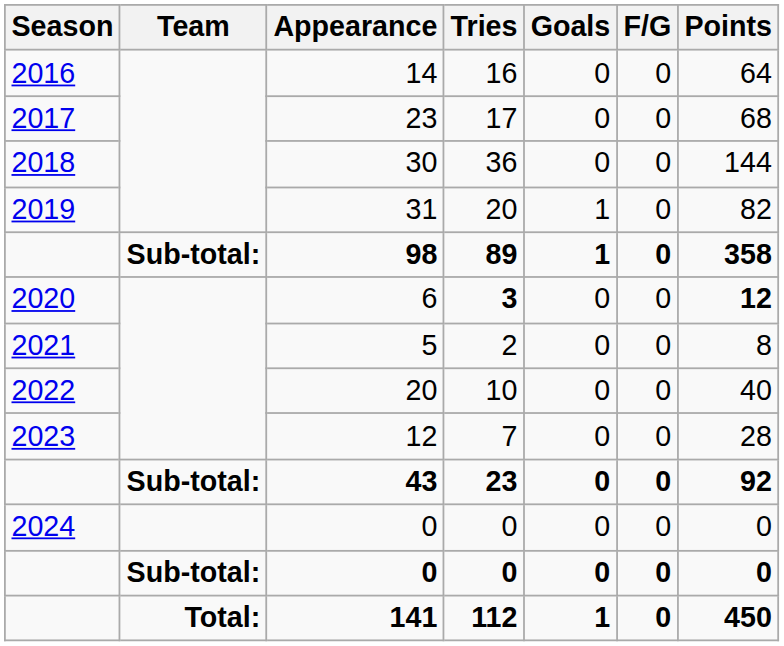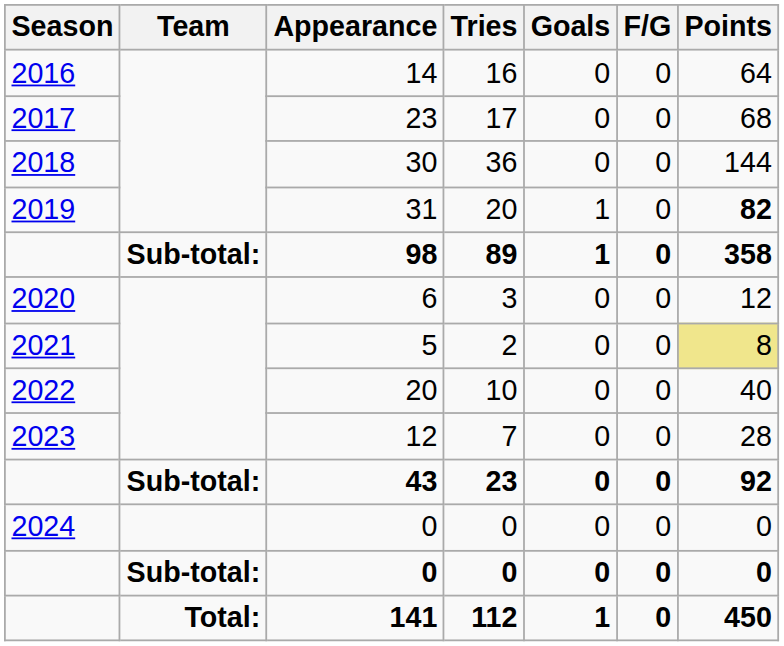 <table class="wikitable">
 <tr>
 <th>Season</th>
 <th>Team</th>
 <th>Appearance</th>
 <th>Tries</th>
 <th>Goals</th>
 <th>F/G</th>
 <th>Points</th>
 </tr>
 <tr>
 <td><a href='#'>2016</a></td>
 <td align=left rowspan="4"></td>
 <td align=right>14</td>
 <td align=right>16</td>
 <td align=right>0</td>
 <td align=right>0</td>
 <td align=right>64</td>
 </tr>
 <tr>
 <td><a href='#'>2017</a></td>
 <td align=right>23</td>
 <td align=right>17</td>
 <td align=right>0</td>
 <td align=right>0</td>
 <td align=right>68</td>
 </tr>
 <tr>
 <td><a href='#'>2018</a></td>
 <td align=right>30</td>
 <td align=right>36</td>
 <td align=right>0</td>
 <td align=right>0</td>
 <td align=right>144</td>
 </tr>
 <tr>
 <td><a href='#'>2019</a></td>
 <td align=right>31</td>
 <td align=right>20</td>
 <td align=right>1</td>
 <td align=right>0</td>
-<td align=right>82</td>
+<td align=right><strong>82</strong></td>
 </tr>
 <tr>
 <td></td>
 <td align=right><strong>Sub-total:</strong></td>
 <td align=right><strong>98</strong></td>
 <td align=right><strong>89</strong></td>
 <td align=right><strong>1</strong></td>
 <td align=right><strong>0</strong></td>
 <td align=right><strong>358</strong></td>
 </tr>
 <tr>
 <td><a href='#'>2020</a></td>
 <td align=left rowspan="4"></td>
 <td align=right>6</td>
-<td align=right><strong>3</strong></td>
+<td align=right>3</td>
 <td align=right>0</td>
 <td align=right>0</td>
-<td align=right><strong>12</strong></td>
+<td align=right>12</td>
 </tr>
 <tr>
 <td><a href='#'>2021</a></td>
 <td align=right>5</td>
 <td align=right>2</td>
 <td align=right>0</td>
 <td align=right>0</td>
-<td align=right>8</td>
+<td align=right style="background: khaki;">8</td>
 </tr>
 <tr>
 <td><a href='#'>2022</a></td>
 <td align=right>20</td>
 <td align=right>10</td>
 <td align=right>0</td>
 <td align=right>0</td>
 <td align=right>40</td>
 </tr>
 <tr>
 <td><a href='#'>2023</a></td>
 <td align=right>12</td>
 <td align=right>7</td>
 <td align=right>0</td>
 <td align=right>0</td>
 <td align=right>28</td>
 </tr>
 <tr>
 <td></td>
 <td align=right><strong>Sub-total:</strong></td>
 <td align=right><strong>43</strong></td>
 <td align=right><strong>23</strong></td>
 <td align=right><strong>0</strong></td>
 <td align=right><strong>0</strong></td>
 <td align=right><strong>92</strong></td>
 </tr>
 <tr>
 <td><a href='#'>2024</a></td>
 <td align=left rowspan="1"></td>
 <td align=right>0</td>
 <td align=right>0</td>
 <td align=right>0</td>
 <td align=right>0</td>
 <td align=right>0</td>
 </tr>
 <tr>
 <td></td>
 <td align=right><strong>Sub-total:</strong></td>
 <td align=right><strong>0</strong></td>
 <td align=right><strong>0</strong></td>
 <td align=right><strong>0</strong></td>
 <td align=right><strong>0</strong></td>
 <td align=right><strong>0</strong></td>
 </tr>
 <tr>
 <td></td>
 <td align=right><strong>Total:</strong></td>
 <td align=right><strong>141</strong></td>
 <td align=right><strong>112</strong></td>
 <td align=right><strong>1</strong></td>
 <td align=right><strong>0</strong></td>
 <td align=right><strong>450</strong></td>
 </tr>
 </table>
